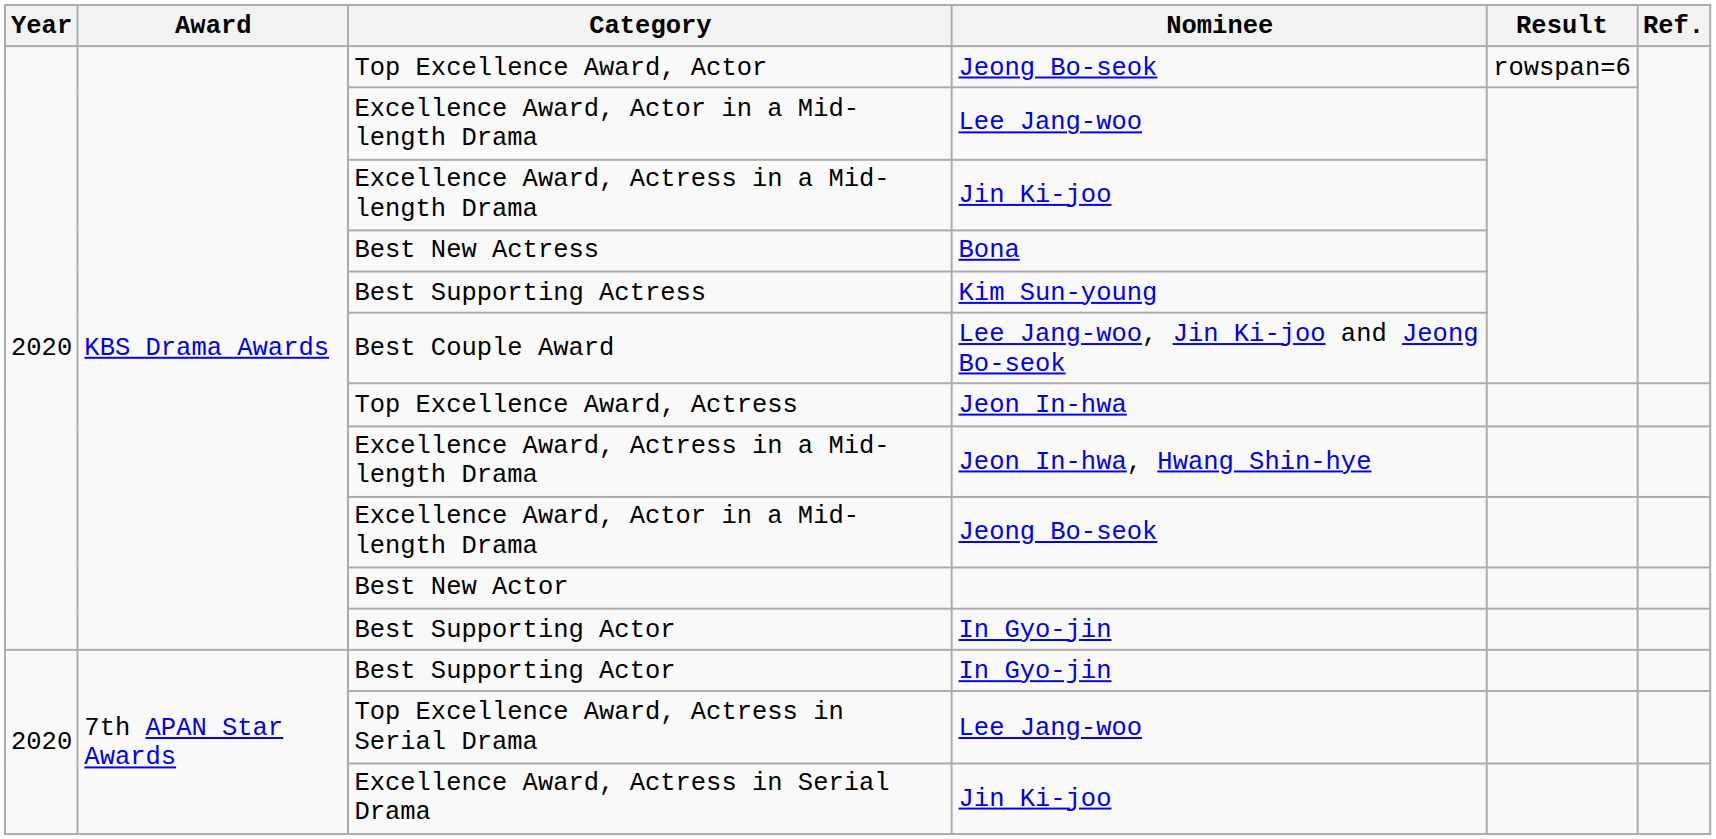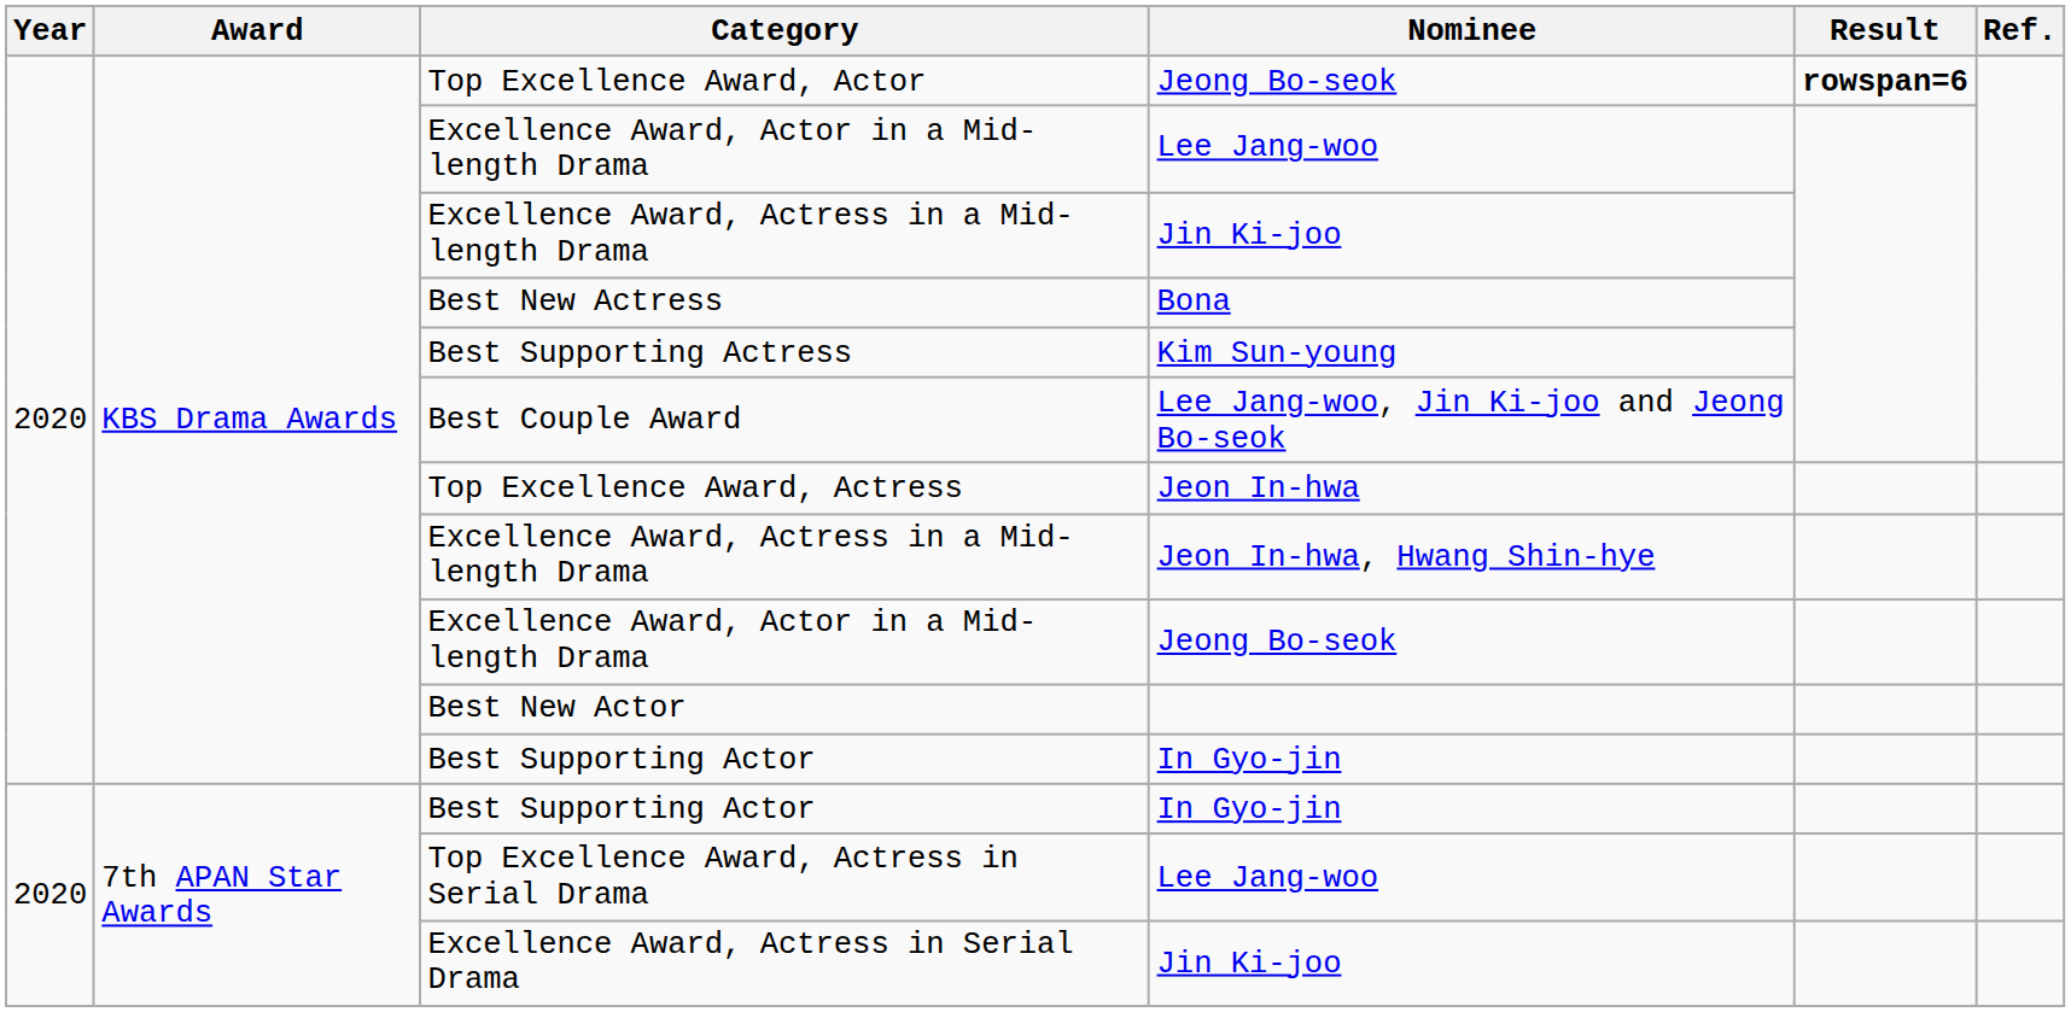 <table class="wikitable">
 <tr>
 <th>Year</th>
 <th>Award</th>
 <th>Category</th>
 <th>Nominee</th>
 <th>Result</th>
 <th>Ref.</th>
 </tr>
 <tr>
 <td rowspan=11>2020</td>
 <td rowspan=11><a href='#'>KBS Drama Awards</a></td>
 <td>Top Excellence Award, Actor</td>
 <td><a href='#'>Jeong Bo-seok</a></td>
-<td>rowspan=6 </td>
+<td><strong>rowspan=6 </strong></td>
 <td rowspan=6></td>
 </tr>
 <tr>
 <td>Excellence Award, Actor in a Mid-length Drama</td>
 <td><a href='#'>Lee Jang-woo</a></td>
 </tr>
 <tr>
 <td>Excellence Award, Actress in a Mid-length Drama</td>
 <td><a href='#'>Jin Ki-joo</a></td>
 </tr>
 <tr>
 <td>Best New Actress</td>
 <td><a href='#'>Bona</a></td>
 </tr>
 <tr>
 <td>Best Supporting Actress</td>
 <td><a href='#'>Kim Sun-young</a></td>
 </tr>
 <tr>
 <td>Best Couple Award</td>
 <td><a href='#'>Lee Jang-woo</a>, <a href='#'>Jin Ki-joo</a> and <a href='#'>Jeong Bo-seok</a></td>
 </tr>
 <tr>
 <td>Top Excellence Award, Actress</td>
 <td><a href='#'>Jeon In-hwa</a></td>
 <td></td>
 <td></td>
 </tr>
 <tr>
 <td>Excellence Award, Actress in a Mid-length Drama</td>
 <td><a href='#'>Jeon In-hwa</a>, <a href='#'>Hwang Shin-hye</a></td>
 <td></td>
 <td></td>
 </tr>
 <tr>
 <td>Excellence Award, Actor in a Mid-length Drama</td>
 <td><a href='#'>Jeong Bo-seok</a></td>
 <td></td>
 <td></td>
 </tr>
 <tr>
 <td>Best New Actor</td>
 <td></td>
 <td></td>
 <td></td>
 </tr>
 <tr>
 <td>Best Supporting Actor</td>
 <td><a href='#'>In Gyo-jin</a></td>
 <td></td>
 <td></td>
 </tr>
 <tr>
 <td rowspan=3>2020</td>
 <td rowspan=3>7th <a href='#'>APAN Star Awards</a></td>
 <td>Best Supporting Actor</td>
 <td><a href='#'>In Gyo-jin</a></td>
 <td></td>
 <td></td>
 </tr>
 <tr>
 <td>Top Excellence Award, Actress in Serial Drama</td>
 <td><a href='#'>Lee Jang-woo</a></td>
 <td></td>
 <td></td>
 </tr>
 <tr>
 <td>Excellence Award, Actress in Serial Drama</td>
 <td><a href='#'>Jin Ki-joo</a></td>
 <td></td>
 <td></td>
 </tr>
 </table>
